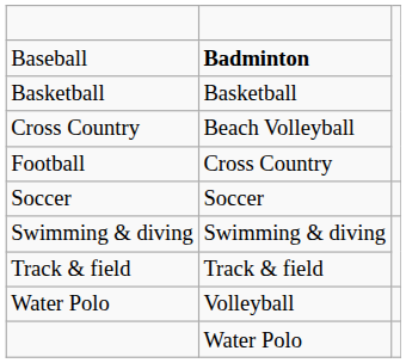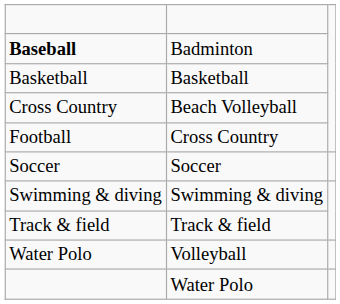 <table class="wikitable" style="float:right; clear:right; margin:0 0 1em 1em;">
 <tr>
 <td></td>
 <td><br></td>
 </tr>
 <tr>
-<td>Baseball</td>
-<td><strong>Badminton</strong></td>
+<td><strong>Baseball</strong></td>
+<td>Badminton</td>
 </tr>
 <tr>
 <td>Basketball</td>
 <td>Basketball</td>
 </tr>
 <tr>
 <td>Cross Country</td>
 <td>Beach Volleyball</td>
 </tr>
 <tr>
 <td>Football</td>
 <td>Cross Country</td>
 </tr>
 <tr>
 <td>Soccer</td>
 <td>Soccer</td>
 <td></td>
 </tr>
 <tr>
 <td>Swimming & diving</td>
 <td>Swimming & diving</td>
 </tr>
 <tr>
 <td>Track & field</td>
 <td>Track & field</td>
 </tr>
 <tr>
 <td>Water Polo</td>
 <td>Volleyball</td>
 <td></td>
 </tr>
 <tr>
 <td></td>
 <td>Water Polo</td>
 </tr>
 </table>
